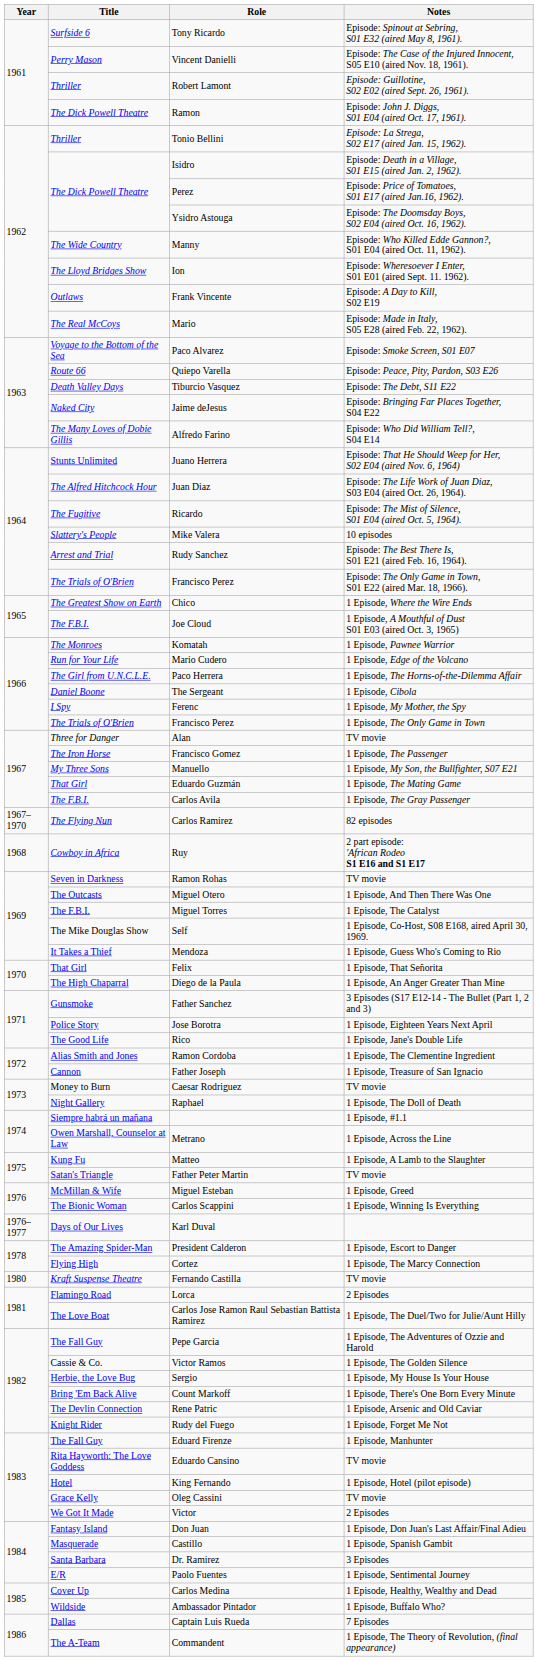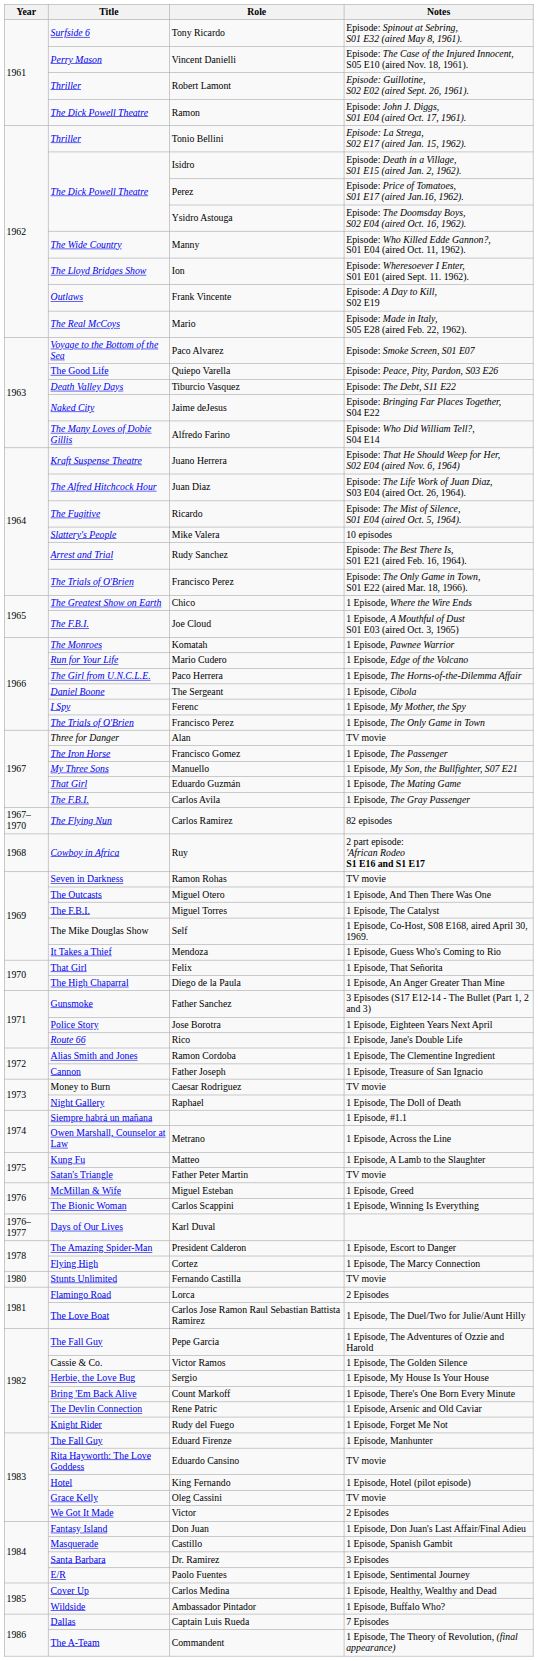 <table class="wikitable sortable">
 <tr>
 <th>Year</th>
 <th>Title</th>
 <th>Role</th>
 <th class="unsortable">Notes</th>
 </tr>
 <tr>
 <td rowspan="4">1961</td>
 <td><em><a href='#'>Surfside 6</a></em></td>
 <td>Tony Ricardo</td>
 <td>Episode: <em>Spinout at Sebring,</em><br><em>S01 E32 (aired May 8, 1961).</em></td>
 </tr>
 <tr>
 <td><em><a href='#'>Perry Mason</a></em></td>
 <td>Vincent Danielli</td>
 <td>Episode: <em>The Case of the Injured Innocent,</em><br>S05 E10 (aired Nov. 18, 1961).</td>
 </tr>
 <tr>
 <td><em><a href='#'>Thriller</a></em></td>
 <td>Robert Lamont</td>
 <td><em>Episode: Guillotine,</em><br><em>S02 E02 (aired Sept. 26, 1961).</em></td>
 </tr>
 <tr>
 <td><em><a href='#'>The Dick Powell Theatre</a></em></td>
 <td>Ramon</td>
 <td>Episode: <em>John J. Diggs,</em><br><em>S01 E04 (aired Oct. 17, 1961).</em></td>
 </tr>
 <tr>
 <td rowspan="8">1962</td>
 <td><em><a href='#'>Thriller</a></em></td>
 <td>Tonio Bellini</td>
 <td><em>Episode: La Strega,</em><br><em>S02 E17 (aired Jan. 15, 1962).</em></td>
 </tr>
 <tr>
 <td rowspan="3"><em><a href='#'>The Dick Powell Theatre</a></em></td>
 <td>Isidro</td>
 <td>Episode: <em>Death in a Village,</em><br><em>S01 E15 (aired Jan. 2, 1962).</em></td>
 </tr>
 <tr>
 <td>Perez</td>
 <td>Episode: <em>Price of Tomatoes,</em><br><em>S01 E17 (aired Jan.16, 1962).</em></td>
 </tr>
 <tr>
 <td>Ysidro Astouga</td>
 <td>Episode: <em>The Doomsday Boys,</em><br><em>S02 E04 (aired Oct. 16, 1962).</em></td>
 </tr>
 <tr>
 <td><em><a href='#'>The Wide Country</a></em></td>
 <td>Manny</td>
 <td>Episode: <em>Who Killed Edde Gannon?,</em><br>S01 E04 (aired Oct. 11, 1962).</td>
 </tr>
 <tr>
 <td><em><a href='#'>The Lloyd Bridges Show</a></em></td>
 <td>Ion</td>
 <td>Episode: <em>Wheresoever I Enter,</em><br>S01 E01  (aired Sept. 11. 1962).</td>
 </tr>
 <tr>
 <td><em><a href='#'>Outlaws</a></em></td>
 <td>Frank Vincente</td>
 <td>Episode: <em>A Day to Kill,</em><br>S02 E19</td>
 </tr>
 <tr>
 <td><em><a href='#'>The Real McCoys</a></em></td>
 <td>Mario</td>
 <td>Episode: <em>Made in Italy,</em><br>S05 E28 (aired Feb. 22, 1962).</td>
 </tr>
 <tr>
 <td rowspan="5">1963</td>
 <td><em><a href='#'>Voyage to the Bottom of the Sea</a></em></td>
 <td>Paco Alvarez</td>
 <td>Episode: <em>Smoke Screen, S01 E07</em></td>
 </tr>
 <tr>
-<td><em><a href='#'>Route 66</a></em></td>
+<td></em><a href='#'>The Good Life</a><em></td>
 <td>Quiepo Varella</td>
 <td>Episode: <em>Peace, Pity, Pardon, S03 E26</em></td>
 </tr>
 <tr>
 <td><em><a href='#'>Death Valley Days</a></em></td>
 <td>Tiburcio Vasquez</td>
 <td>Episode: <em>The Debt, S11 E22</em></td>
 </tr>
 <tr>
 <td><em><a href='#'>Naked City</a></em></td>
 <td>Jaime deJesus</td>
 <td>Episode: <em>Bringing Far Places Together,</em><br>S04 E22</td>
 </tr>
 <tr>
 <td><em><a href='#'>The Many Loves of Dobie Gillis</a></em></td>
 <td>Alfredo Farino</td>
 <td>Episode: <em>Who Did William Tell?,</em><br>S04 E14</td>
 </tr>
 <tr>
 <td rowspan="6">1964</td>
-<td></em><a href='#'>Stunts Unlimited</a><em></td>
+<td><em><a href='#'>Kraft Suspense Theatre</a></em></td>
 <td>Juano Herrera</td>
 <td>Episode: <em>That He Should Weep for Her,</em><br><em>S02 E04 (aired Nov. 6, 1964)</em></td>
 </tr>
 <tr>
 <td><em><a href='#'>The Alfred Hitchcock Hour</a></em></td>
 <td>Juan Diaz</td>
 <td>Episode: <em>The Life Work of Juan Diaz,</em><br>S03 E04 (aired Oct. 26, 1964).</td>
 </tr>
 <tr>
 <td><em><a href='#'>The Fugitive</a></em></td>
 <td>Ricardo</td>
 <td>Episode: <em>The Mist of Silence,</em><br><em>S01 E04 (aired Oct. 5, 1964).</em></td>
 </tr>
 <tr>
 <td><em><a href='#'>Slattery's People</a></em></td>
 <td>Mike Valera</td>
 <td>10 episodes</td>
 </tr>
 <tr>
 <td><em><a href='#'>Arrest and Trial</a></em></td>
 <td>Rudy Sanchez</td>
 <td>Episode:  <em>The Best There Is,</em><br>S01 E21 (aired Feb. 16, 1964).</td>
 </tr>
 <tr>
 <td><em><a href='#'>The Trials of O'Brien</a></em></td>
 <td>Francisco Perez</td>
 <td>Episode: <em>The Only Game in Town,</em><br>S01 E22 (aired Mar. 18, 1966).</td>
 </tr>
 <tr>
 <td rowspan="2">1965</td>
 <td><em><a href='#'>The Greatest Show on Earth</a></em></td>
 <td>Chico</td>
 <td>1 Episode, <em>Where the Wire Ends</em></td>
 </tr>
 <tr>
 <td><em><a href='#'>The F.B.I.</a></em></td>
 <td>Joe Cloud</td>
 <td>1 Episode, <em>A Mouthful of Dust</em><br>S01 E03 (aired Oct. 3, 1965)</td>
 </tr>
 <tr>
 <td rowspan="6">1966</td>
 <td><em><a href='#'>The Monroes</a></em></td>
 <td>Komatah</td>
 <td>1 Episode, <em>Pawnee Warrior</em></td>
 </tr>
 <tr>
 <td><em><a href='#'>Run for Your Life</a></em></td>
 <td>Mario Cudero</td>
 <td>1 Episode, <em>Edge of the Volcano</em></td>
 </tr>
 <tr>
 <td><em><a href='#'>The Girl from U.N.C.L.E.</a></em></td>
 <td>Paco Herrera</td>
 <td>1 Episode, <em>The Horns-of-the-Dilemma Affair</em></td>
 </tr>
 <tr>
 <td><em><a href='#'>Daniel Boone</a></em></td>
 <td>The Sergeant</td>
 <td>1 Episode, <em>Cibola</em></td>
 </tr>
 <tr>
 <td><em><a href='#'>I Spy</a></em></td>
 <td>Ferenc</td>
 <td>1 Episode, <em>My Mother, the Spy</em></td>
 </tr>
 <tr>
 <td><em><a href='#'>The Trials of O'Brien</a></em></td>
 <td>Francisco Perez</td>
 <td>1 Episode, <em>The Only Game in Town</em></td>
 </tr>
 <tr>
 <td rowspan="5">1967</td>
 <td><em>Three for Danger</em></td>
 <td>Alan</td>
 <td>TV movie</td>
 </tr>
 <tr>
 <td><em><a href='#'>The Iron Horse</a></em></td>
 <td>Francisco Gomez</td>
 <td>1 Episode, <em>The Passenger</em></td>
 </tr>
 <tr>
 <td><em><a href='#'>My Three Sons</a></em></td>
 <td>Manuello</td>
 <td>1 Episode, <em>My Son, the Bullfighter, S07 E21</em></td>
 </tr>
 <tr>
 <td><em><a href='#'>That Girl</a></em></td>
 <td>Eduardo Guzmán</td>
 <td>1 Episode, <em>The Mating Game</em></td>
 </tr>
 <tr>
 <td><em><a href='#'>The F.B.I.</a></em></td>
 <td>Carlos Avila</td>
 <td>1 Episode, <em>The Gray Passenger</em></td>
 </tr>
 <tr>
 <td>1967–1970</td>
 <td><em><a href='#'>The Flying Nun</a></em></td>
 <td>Carlos Ramirez</td>
 <td>82 episodes</td>
 </tr>
 <tr>
 <td>1968</td>
 <td><em><a href='#'>Cowboy in Africa</a></em></td>
 <td>Ruy</td>
 <td>2 part episode:<br><em>'African Rodeo<strong><br></em>S1 E16 and S1 E17<em></td>
 </tr>
 <tr>
 <td rowspan="5">1969</td>
 <td></em><a href='#'>Seven in Darkness</a><em></td>
 <td>Ramon Rohas</td>
 <td>TV movie</td>
 </tr>
 <tr>
 <td></em><a href='#'>The Outcasts</a><em></td>
 <td>Miguel Otero</td>
 <td>1 Episode, </em>And Then There Was One<em></td>
 </tr>
 <tr>
 <td></em><a href='#'>The F.B.I.</a><em></td>
 <td>Miguel Torres</td>
 <td>1 Episode, </em>The Catalyst<em></td>
 </tr>
 <tr>
 <td></em>The Mike Douglas Show<em></td>
 <td>Self</td>
 <td>1 Episode, </em>Co-Host, S08 E168, aired April 30, 1969.<em></td>
 </tr>
 <tr>
 <td></em><a href='#'>It Takes a Thief</a><em></td>
 <td>Mendoza</td>
 <td>1 Episode, </em>Guess Who's Coming to Rio<em></td>
 </tr>
 <tr>
 <td rowspan="2">1970</td>
 <td></em><a href='#'>That Girl</a><em></td>
 <td>Felix</td>
 <td>1 Episode, </em>That Señorita<em></td>
 </tr>
 <tr>
 <td></em><a href='#'>The High Chaparral</a><em></td>
 <td>Diego de la Paula</td>
 <td>1 Episode, </em>An Anger Greater Than Mine<em></td>
 </tr>
 <tr>
 <td rowspan="3">1971</td>
 <td></em><a href='#'>Gunsmoke</a><em></td>
 <td>Father Sanchez</td>
 <td>3 Episodes (S17 E12-14 - The Bullet (Part 1, 2 and 3)</td>
 </tr>
 <tr>
 <td></em><a href='#'>Police Story</a><em></td>
 <td>Jose Borotra</td>
 <td>1 Episode, </em>Eighteen Years Next April<em></td>
 </tr>
 <tr>
-<td></em><a href='#'>The Good Life</a><em></td>
+<td><em><a href='#'>Route 66</a></em></td>
 <td>Rico</td>
 <td>1 Episode, </em>Jane's Double Life<em></td>
 </tr>
 <tr>
 <td rowspan="2">1972</td>
 <td></em><a href='#'>Alias Smith and Jones</a><em></td>
 <td>Ramon Cordoba</td>
 <td>1 Episode, </em>The Clementine Ingredient<em></td>
 </tr>
 <tr>
 <td></em><a href='#'>Cannon</a><em></td>
 <td>Father Joseph</td>
 <td>1 Episode, </em>Treasure of San Ignacio<em></td>
 </tr>
 <tr>
 <td rowspan="2">1973</td>
 <td></em>Money to Burn<em></td>
 <td>Caesar Rodriguez</td>
 <td>TV movie</td>
 </tr>
 <tr>
 <td></em><a href='#'>Night Gallery</a><em></td>
 <td>Raphael</td>
 <td>1 Episode, </em>The Doll of Death<em></td>
 </tr>
 <tr>
 <td rowspan="2">1974</td>
 <td></em><a href='#'>Siempre habrá un mañana</a><em></td>
 <td></td>
 <td>1 Episode, </em>#1.1<em></td>
 </tr>
 <tr>
 <td></em><a href='#'>Owen Marshall, Counselor at Law</a><em></td>
 <td>Metrano</td>
 <td>1 Episode, </em>Across the Line<em></td>
 </tr>
 <tr>
 <td rowspan="2">1975</td>
 <td></em><a href='#'>Kung Fu</a><em></td>
 <td>Matteo</td>
 <td>1 Episode, </em>A Lamb to the Slaughter<em></td>
 </tr>
 <tr>
 <td></em><a href='#'>Satan's Triangle</a><em></td>
 <td>Father Peter Martin</td>
 <td>TV movie</td>
 </tr>
 <tr>
 <td rowspan="2">1976</td>
 <td></em><a href='#'>McMillan & Wife</a><em></td>
 <td>Miguel Esteban</td>
 <td>1 Episode, </em>Greed<em></td>
 </tr>
 <tr>
 <td></em><a href='#'>The Bionic Woman</a><em></td>
 <td>Carlos Scappini</td>
 <td>1 Episode, </em>Winning Is Everything<em></td>
 </tr>
 <tr>
 <td>1976–1977</td>
 <td></em><a href='#'>Days of Our Lives</a><em></td>
 <td>Karl Duval</td>
 <td></td>
 </tr>
 <tr>
 <td rowspan="2">1978</td>
 <td></em><a href='#'>The Amazing Spider-Man</a><em></td>
 <td>President Calderon</td>
 <td>1 Episode, </em>Escort to Danger<em></td>
 </tr>
 <tr>
 <td></em><a href='#'>Flying High</a><em></td>
 <td>Cortez</td>
 <td>1 Episode, </em>The Marcy Connection<em></td>
 </tr>
 <tr>
 <td>1980</td>
-<td><em><a href='#'>Kraft Suspense Theatre</a></em></td>
+<td></em><a href='#'>Stunts Unlimited</a><em></td>
 <td>Fernando Castilla</td>
 <td>TV movie</td>
 </tr>
 <tr>
 <td rowspan="2">1981</td>
 <td></em><a href='#'>Flamingo Road</a><em></td>
 <td>Lorca</td>
 <td>2 Episodes</td>
 </tr>
 <tr>
 <td></em><a href='#'>The Love Boat</a><em></td>
 <td>Carlos Jose Ramon Raul Sebastian Battista Ramirez</td>
 <td>1 Episode, </em>The Duel/Two for Julie/Aunt Hilly<em></td>
 </tr>
 <tr>
 <td rowspan="6">1982</td>
 <td></em><a href='#'>The Fall Guy</a><em></td>
 <td>Pepe Garcia</td>
 <td>1 Episode</em>, The Adventures of Ozzie and Harold<em></td>
 </tr>
 <tr>
 <td></em>Cassie & Co.<em></td>
 <td>Victor Ramos</td>
 <td>1 Episode, </em>The Golden Silence<em></td>
 </tr>
 <tr>
 <td></em><a href='#'>Herbie, the Love Bug</a><em></td>
 <td>Sergio</td>
 <td>1 Episode, </em>My House Is Your House<em></td>
 </tr>
 <tr>
 <td></em><a href='#'>Bring 'Em Back Alive</a><em></td>
 <td>Count Markoff</td>
 <td>1 Episode, </em>There's One Born Every Minute<em></td>
 </tr>
 <tr>
 <td></em><a href='#'>The Devlin Connection</a><em></td>
 <td>Rene Patric</td>
 <td>1 Episode, </em>Arsenic and Old Caviar<em></td>
 </tr>
 <tr>
 <td></em><a href='#'>Knight Rider</a><em></td>
 <td>Rudy del Fuego</td>
 <td>1 Episode, </em>Forget Me Not<em></td>
 </tr>
 <tr>
 <td rowspan="5">1983</td>
 <td></em><a href='#'>The Fall Guy</a><em></td>
 <td>Eduard Firenze</td>
 <td>1 Episode, </em>Manhunter<em></td>
 </tr>
 <tr>
 <td></em><a href='#'>Rita Hayworth: The Love Goddess</a><em></td>
 <td>Eduardo Cansino</td>
 <td>TV movie</td>
 </tr>
 <tr>
 <td></em><a href='#'>Hotel</a><em></td>
 <td>King Fernando</td>
 <td>1 Episode, </em>Hotel (pilot episode)<em></td>
 </tr>
 <tr>
 <td></em><a href='#'>Grace Kelly</a><em></td>
 <td>Oleg Cassini</td>
 <td>TV movie</td>
 </tr>
 <tr>
 <td></em><a href='#'>We Got It Made</a><em></td>
 <td>Victor</td>
 <td>2 Episodes</td>
 </tr>
 <tr>
 <td rowspan="4">1984</td>
 <td></em><a href='#'>Fantasy Island</a><em></td>
 <td>Don Juan</td>
 <td>1 Episode, </em>Don Juan's Last Affair/Final Adieu<em></td>
 </tr>
 <tr>
 <td></em><a href='#'>Masquerade</a><em></td>
 <td>Castillo</td>
 <td>1 Episode, </em>Spanish Gambit<em></td>
 </tr>
 <tr>
 <td></em><a href='#'>Santa Barbara</a><em></td>
 <td>Dr. Ramirez</td>
 <td>3 Episodes</td>
 </tr>
 <tr>
 <td></em><a href='#'>E/R</a><em></td>
 <td>Paolo Fuentes</td>
 <td>1 Episode, </em>Sentimental Journey<em></td>
 </tr>
 <tr>
 <td rowspan="2">1985</td>
 <td></em><a href='#'>Cover Up</a><em></td>
 <td>Carlos Medina</td>
 <td>1 Episode, </em>Healthy, Wealthy and Dead<em></td>
 </tr>
 <tr>
 <td></em><a href='#'>Wildside</a><em></td>
 <td>Ambassador Pintador</td>
 <td>1 Episode, </em>Buffalo Who?<em></td>
 </tr>
 <tr>
 <td rowspan="2">1986</td>
 <td></em><a href='#'>Dallas</a><em></td>
 <td>Captain Luis Rueda</td>
 <td>7 Episodes</td>
 </tr>
 <tr>
 <td></em><a href='#'>The A-Team</a><em></td>
 <td>Commandent</td>
 <td>1 Episode, </em>The Theory of Revolution<em>, (final appearance)</td>
 </tr>
 </table>
